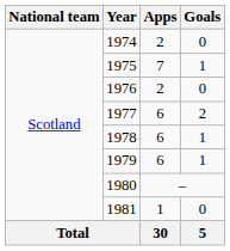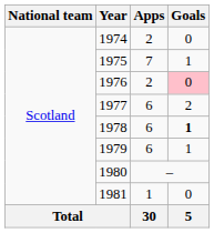 <table class="wikitable" style="text-align: center;">
 <tr>
 <th>National team</th>
 <th>Year</th>
 <th>Apps</th>
 <th>Goals</th>
 </tr>
 <tr>
 <td rowspan="8"><a href='#'>Scotland</a></td>
 <td>1974</td>
 <td>2</td>
 <td>0</td>
 </tr>
 <tr>
 <td>1975</td>
 <td>7</td>
 <td>1</td>
 </tr>
 <tr>
 <td>1976</td>
 <td>2</td>
-<td>0</td>
+<td style="background: pink;">0</td>
 </tr>
 <tr>
 <td>1977</td>
 <td>6</td>
 <td>2</td>
 </tr>
 <tr>
 <td>1978</td>
 <td>6</td>
-<td>1</td>
+<td><strong>1</strong></td>
 </tr>
 <tr>
 <td>1979</td>
 <td>6</td>
 <td>1</td>
 </tr>
 <tr>
 <td>1980</td>
 <td colspan="2">–</td>
 </tr>
 <tr>
 <td>1981</td>
 <td>1</td>
 <td>0</td>
 </tr>
 <tr>
 <th colspan="2">Total</th>
 <th>30</th>
 <th>5</th>
 </tr>
 </table>
